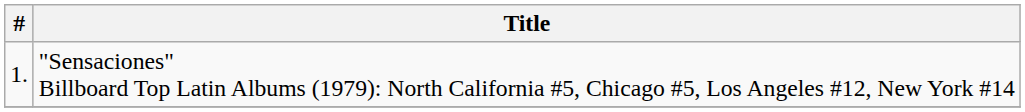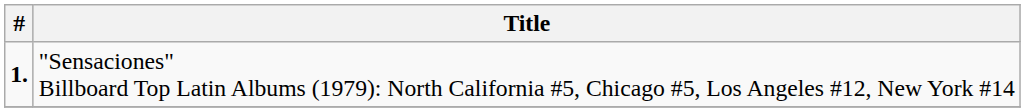 <table class="wikitable">
 <tr>
 <th>#</th>
 <th>Title</th>
 </tr>
 <tr>
-<td>1.</td>
+<td><strong>1.</strong></td>
 <td>"Sensaciones"<br>Billboard Top Latin Albums (1979): North California #5, Chicago #5, Los Angeles #12, New York #14</td>
 </tr>
 <tr>
 </tr>
 </table>
